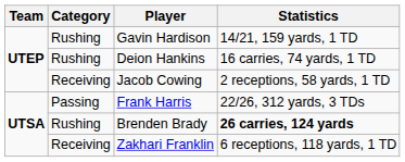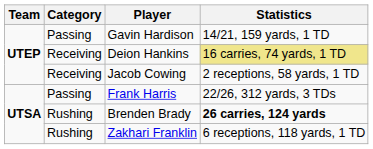 <table class="wikitable" style="float: left;">
 <tr>
 <th>Team</th>
 <th>Category</th>
 <th>Player</th>
 <th>Statistics</th>
 </tr>
 <tr>
 <td rowspan=3><strong>UTEP</strong></td>
-<td>Rushing</td>
+<td>Passing</td>
 <td>Gavin Hardison</td>
 <td>14/21, 159 yards, 1 TD</td>
 </tr>
 <tr>
-<td>Rushing</td>
+<td>Receiving</td>
 <td>Deion Hankins</td>
-<td>16 carries, 74 yards, 1 TD</td>
+<td style="background: khaki;">16 carries, 74 yards, 1 TD</td>
 </tr>
 <tr>
 <td>Receiving</td>
 <td>Jacob Cowing</td>
 <td>2 receptions, 58 yards, 1 TD</td>
 </tr>
 <tr>
 <td rowspan=3><strong>UTSA</strong></td>
 <td>Passing</td>
 <td><a href='#'>Frank Harris</a></td>
 <td>22/26, 312 yards, 3 TDs</td>
 </tr>
 <tr>
 <td>Rushing</td>
 <td>Brenden Brady</td>
 <td><strong>26 carries, 124 yards</strong></td>
 </tr>
 <tr>
-<td>Receiving</td>
+<td>Rushing</td>
 <td><a href='#'>Zakhari Franklin</a></td>
 <td>6 receptions, 118 yards, 1 TD</td>
 </tr>
 </table>
